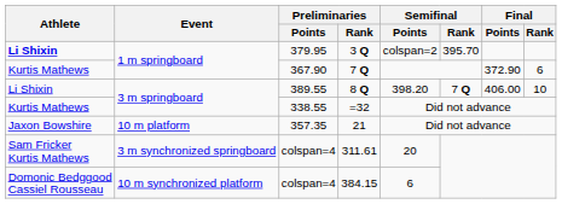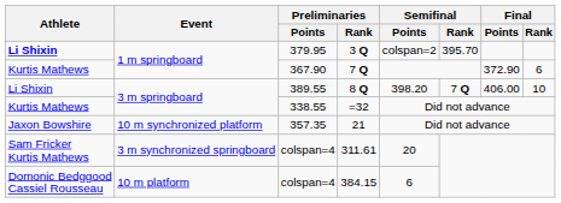 <table class="wikitable" style="text-align:center; font-size:90%;">
 <tr>
 <th rowspan=2>Athlete</th>
 <th rowspan=2>Event</th>
 <th colspan=2>Preliminaries</th>
 <th colspan=2>Semifinal</th>
 <th colspan=2>Final</th>
 </tr>
 <tr style="font-size:95%">
 <th>Points</th>
 <th>Rank</th>
 <th>Points</th>
 <th>Rank</th>
 <th>Points</th>
 <th>Rank</th>
 </tr>
 <tr>
 <td align="left"><strong><a href='#'>Li Shixin</a></strong></td>
 <td rowspan="2" align="left"><a href='#'>1 m springboard</a></td>
 <td>379.95</td>
 <td>3 <strong>Q</strong></td>
 <td>colspan=2 </td>
 <td>395.70</td>
 <td></td>
 </tr>
 <tr>
 <td align="left"><a href='#'>Kurtis Mathews</a></td>
 <td>367.90</td>
 <td>7 <strong>Q</strong></td>
 <td colspan="2"></td>
 <td>372.90</td>
 <td>6</td>
 </tr>
 <tr>
 <td align="left"><a href='#'>Li Shixin</a></td>
 <td rowspan="2" align="left"><a href='#'>3 m springboard</a></td>
 <td>389.55</td>
 <td>8 <strong>Q</strong></td>
 <td>398.20</td>
 <td>7 <strong>Q</strong></td>
 <td>406.00</td>
 <td>10</td>
 </tr>
 <tr>
 <td align="left"><a href='#'>Kurtis Mathews</a></td>
 <td>338.55</td>
 <td>=32</td>
 <td colspan="4">Did not advance</td>
 </tr>
 <tr>
 <td align="left"><a href='#'>Jaxon Bowshire</a></td>
-<td align="left"><a href='#'>10 m platform</a></td>
+<td align=left><a href='#'>10 m synchronized platform</a></td>
 <td>357.35</td>
 <td>21</td>
 <td colspan="4">Did not advance</td>
 </tr>
 <tr>
 <td align=left><a href='#'>Sam Fricker</a><br><a href='#'>Kurtis Mathews</a></td>
 <td align=left><a href='#'>3 m synchronized springboard</a></td>
 <td>colspan=4 </td>
 <td>311.61</td>
 <td>20</td>
 </tr>
 <tr>
 <td align=left><a href='#'>Domonic Bedggood</a><br><a href='#'>Cassiel Rousseau</a></td>
-<td align=left><a href='#'>10 m synchronized platform</a></td>
+<td align="left"><a href='#'>10 m platform</a></td>
 <td>colspan=4 </td>
 <td>384.15</td>
 <td>6</td>
 </tr>
 </table>
